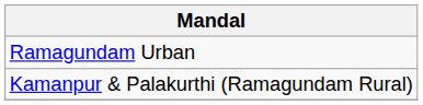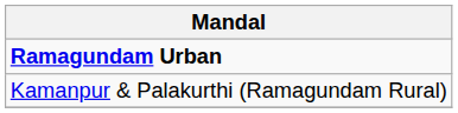 <table class="wikitable sortable static-row-numbers static-row-header-hash">
 <tr>
 <th>Mandal</th>
 </tr>
 <tr>
-<td><a href='#'>Ramagundam</a> Urban</td>
+<td><strong><a href='#'>Ramagundam</a> Urban</strong></td>
 </tr>
 <tr>
 <td><a href='#'>Kamanpur</a> & Palakurthi (Ramagundam Rural)</td>
 </tr>
 <tr>
 </tr>
 </table>
